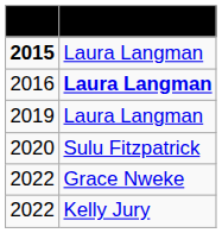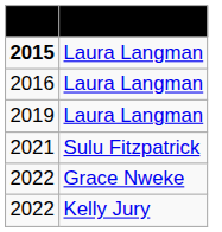 <table class="wikitable collapsible" border="1">
 <tr>
 <th style="background:black;"><span>Year</span></th>
 <th style="background:black;"><span>Winner</span></th>
 </tr>
 <tr>
 <td><strong>2015</strong></td>
 <td><a href='#'>Laura Langman</a></td>
 </tr>
 <tr>
 <td>2016</td>
-<td><strong><a href='#'>Laura Langman</a></strong></td>
+<td><a href='#'>Laura Langman</a></td>
 </tr>
 <tr>
 <td>2019</td>
 <td><a href='#'>Laura Langman</a></td>
 </tr>
 <tr>
-<td>2020</td>
+<td>2021</td>
 <td><a href='#'>Sulu Fitzpatrick</a></td>
 </tr>
 <tr>
 <td>2022</td>
 <td><a href='#'>Grace Nweke</a> <em></em></td>
 </tr>
 <tr>
 <td>2022</td>
 <td><a href='#'>Kelly Jury</a> <em></em></td>
 </tr>
 </table>
